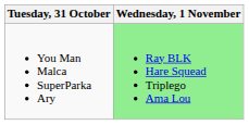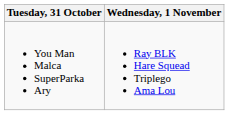 <table class="wikitable">
 <tr>
 <th>Tuesday, 31 October</th>
 <th>Wednesday, 1 November</th>
 </tr>
 <tr valign="top">
 <td><br><ul><li>You Man</li><li>Malca</li><li>SuperParka</li><li>Ary</li></ul></td>
-<td style="background: lightgreen;"><br><ul><li><a href='#'>Ray BLK</a></li><li><a href='#'>Hare Squead</a></li><li>Triplego</li><li><a href='#'>Ama Lou</a></li></ul></td>
+<td><br><ul><li><a href='#'>Ray BLK</a></li><li><a href='#'>Hare Squead</a></li><li>Triplego</li><li><a href='#'>Ama Lou</a></li></ul></td>
 </tr>
 </table>
